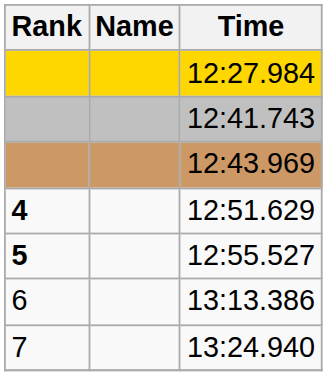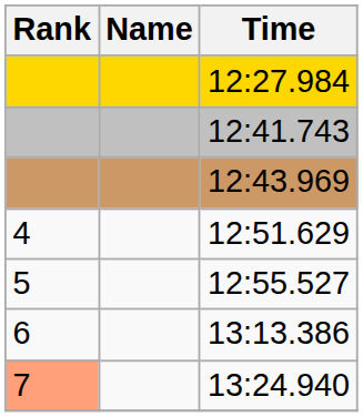 <table class="wikitable">
 <tr>
 <th>Rank</th>
 <th>Name</th>
 <th>Time</th>
 </tr>
 <tr style="background:gold;">
 <td></td>
 <td></td>
 <td>12:27.984</td>
 </tr>
 <tr style="background:silver;">
 <td></td>
 <td></td>
 <td>12:41.743</td>
 </tr>
 <tr style="background:#CC9966;">
 <td></td>
 <td></td>
 <td>12:43.969</td>
 </tr>
 <tr>
-<td><strong>4</strong></td>
+<td>4</td>
 <td></td>
 <td>12:51.629</td>
 </tr>
 <tr>
-<td><strong>5</strong></td>
+<td>5</td>
 <td></td>
 <td>12:55.527</td>
 </tr>
 <tr>
 <td>6</td>
 <td></td>
 <td>13:13.386</td>
 </tr>
 <tr>
-<td>7</td>
+<td style="background: lightsalmon;">7</td>
 <td></td>
 <td>13:24.940</td>
 </tr>
 <tr>
 </tr>
 </table>
